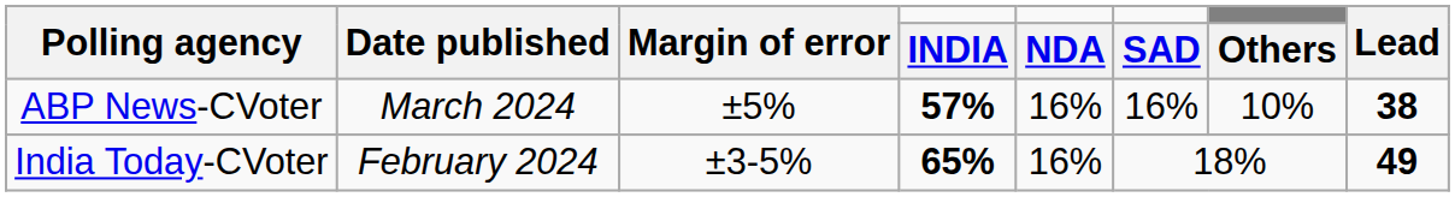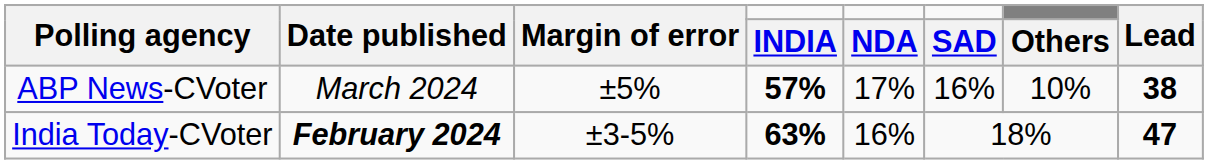 <table class="wikitable sortable" style="text-align:center;font-size:95%;line-height:16px">
 <tr>
 <th rowspan="2">Polling agency</th>
 <th rowspan="2">Date published</th>
 <th rowspan="2">Margin of error</th>
 <td></td>
 <td></td>
 <td></td>
 <td bgcolor="grey"></td>
 <th rowspan="2">Lead</th>
 </tr>
 <tr>
 <th><a href='#'>INDIA</a></th>
 <th><a href='#'>NDA</a></th>
 <th><a href='#'>SAD</a></th>
 <th>Others</th>
 </tr>
 <tr>
 <td><a href='#'>ABP News</a>-CVoter</td>
 <td><em>March 2024</em></td>
 <td>±5%</td>
 <td><strong>57%</strong></td>
-<td>16%</td>
+<td>17%</td>
 <td>16%</td>
 <td>10%</td>
 <td><strong>38</strong></td>
 </tr>
 <tr>
 <td><a href='#'>India Today</a>-CVoter</td>
-<td><em>February 2024</em></td>
+<td><strong><em>February 2024</em></strong></td>
 <td>±3-5%</td>
-<td><strong>65%</strong></td>
+<td><strong>63%</strong></td>
 <td>16%</td>
 <td colspan="2">18%</td>
-<td><strong>49</strong></td>
+<td><strong>47</strong></td>
 </tr>
 </table>
